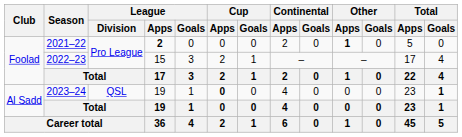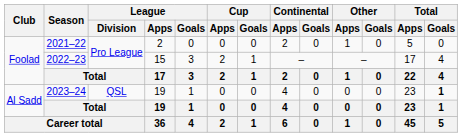 <table class="wikitable"style=text-align:center>
 <tr>
 <th rowspan="2">Club</th>
 <th rowspan="2">Season</th>
 <th colspan="3">League</th>
 <th colspan="2">Cup</th>
 <th colspan="2">Continental</th>
 <th colspan="2">Other</th>
 <th colspan="2">Total</th>
 </tr>
 <tr>
 <th>Division</th>
 <th>Apps</th>
 <th>Goals</th>
 <th>Apps</th>
 <th>Goals</th>
 <th>Apps</th>
 <th>Goals</th>
 <th>Apps</th>
 <th>Goals</th>
 <th>Apps</th>
 <th>Goals</th>
 </tr>
 <tr>
 <td rowspan="3"><a href='#'>Foolad</a></td>
 <td><a href='#'>2021–22</a></td>
 <td rowspan="2"><a href='#'>Pro League</a></td>
-<td><strong>2</strong></td>
+<td>2</td>
 <td>0</td>
 <td>0</td>
 <td>0</td>
 <td>2</td>
 <td>0</td>
-<td><strong>1</strong></td>
+<td>1</td>
 <td>0</td>
 <td>5</td>
 <td>0</td>
 </tr>
 <tr>
 <td><a href='#'>2022–23</a></td>
 <td>15</td>
 <td>3</td>
 <td>2</td>
 <td>1</td>
 <td colspan="2">–</td>
 <td colspan="2">–</td>
 <td>17</td>
 <td>4</td>
 </tr>
 <tr>
 <th colspan="2">Total</th>
 <th>17</th>
 <th>3</th>
 <th>2</th>
 <th>1</th>
 <th>2</th>
 <th>0</th>
 <th>1</th>
 <th>0</th>
 <th>22</th>
 <th>4</th>
 </tr>
 <tr>
 <td rowspan="2"><a href='#'>Al Sadd</a></td>
 <td><a href='#'>2023–24</a></td>
 <td><a href='#'>QSL</a></td>
 <td>19</td>
 <td>1</td>
-<td><strong>0</strong></td>
+<td>0</td>
 <td>0</td>
 <td>4</td>
 <td>0</td>
 <td>0</td>
 <td>0</td>
 <td>23</td>
 <td><strong>1</strong></td>
 </tr>
 <tr>
 <th colspan="2">Total</th>
 <th>19</th>
 <th>1</th>
 <th>0</th>
 <th>0</th>
 <th>4</th>
 <th>0</th>
 <th>0</th>
 <th>0</th>
 <th>23</th>
 <th>1</th>
 </tr>
 <tr>
 <th colspan=3>Career total</th>
 <th>36</th>
 <th>4</th>
 <th>2</th>
 <th>1</th>
 <th>6</th>
 <th>0</th>
 <th>1</th>
 <th>0</th>
 <th>45</th>
 <th>5</th>
 </tr>
 </table>
